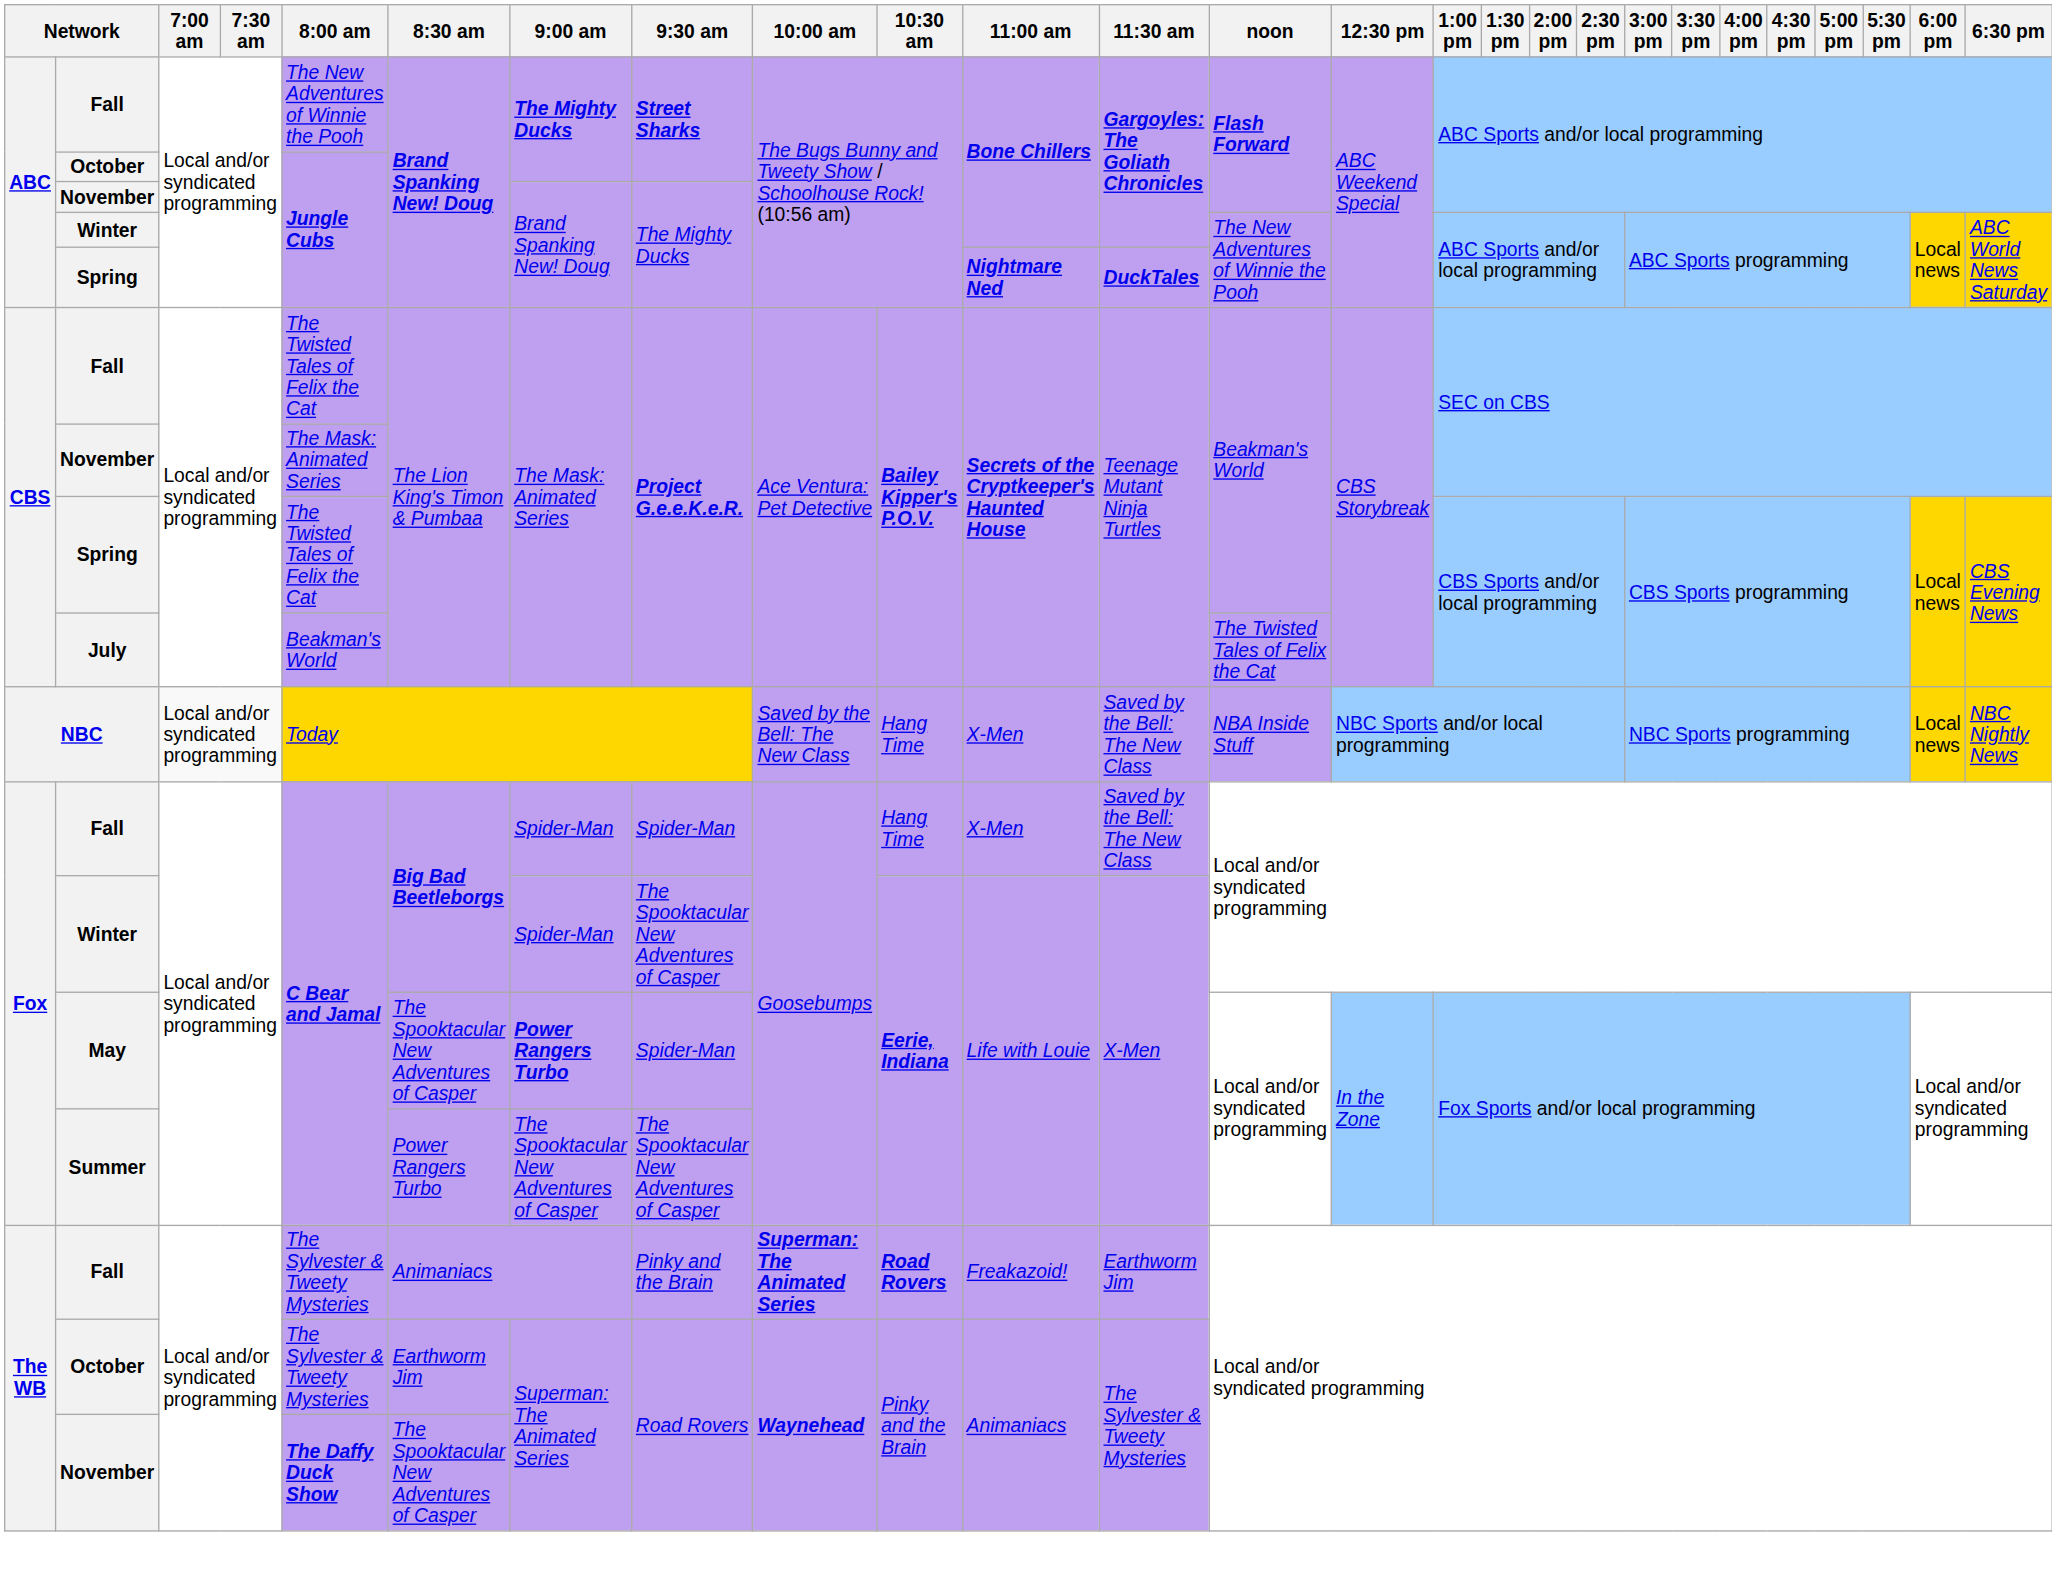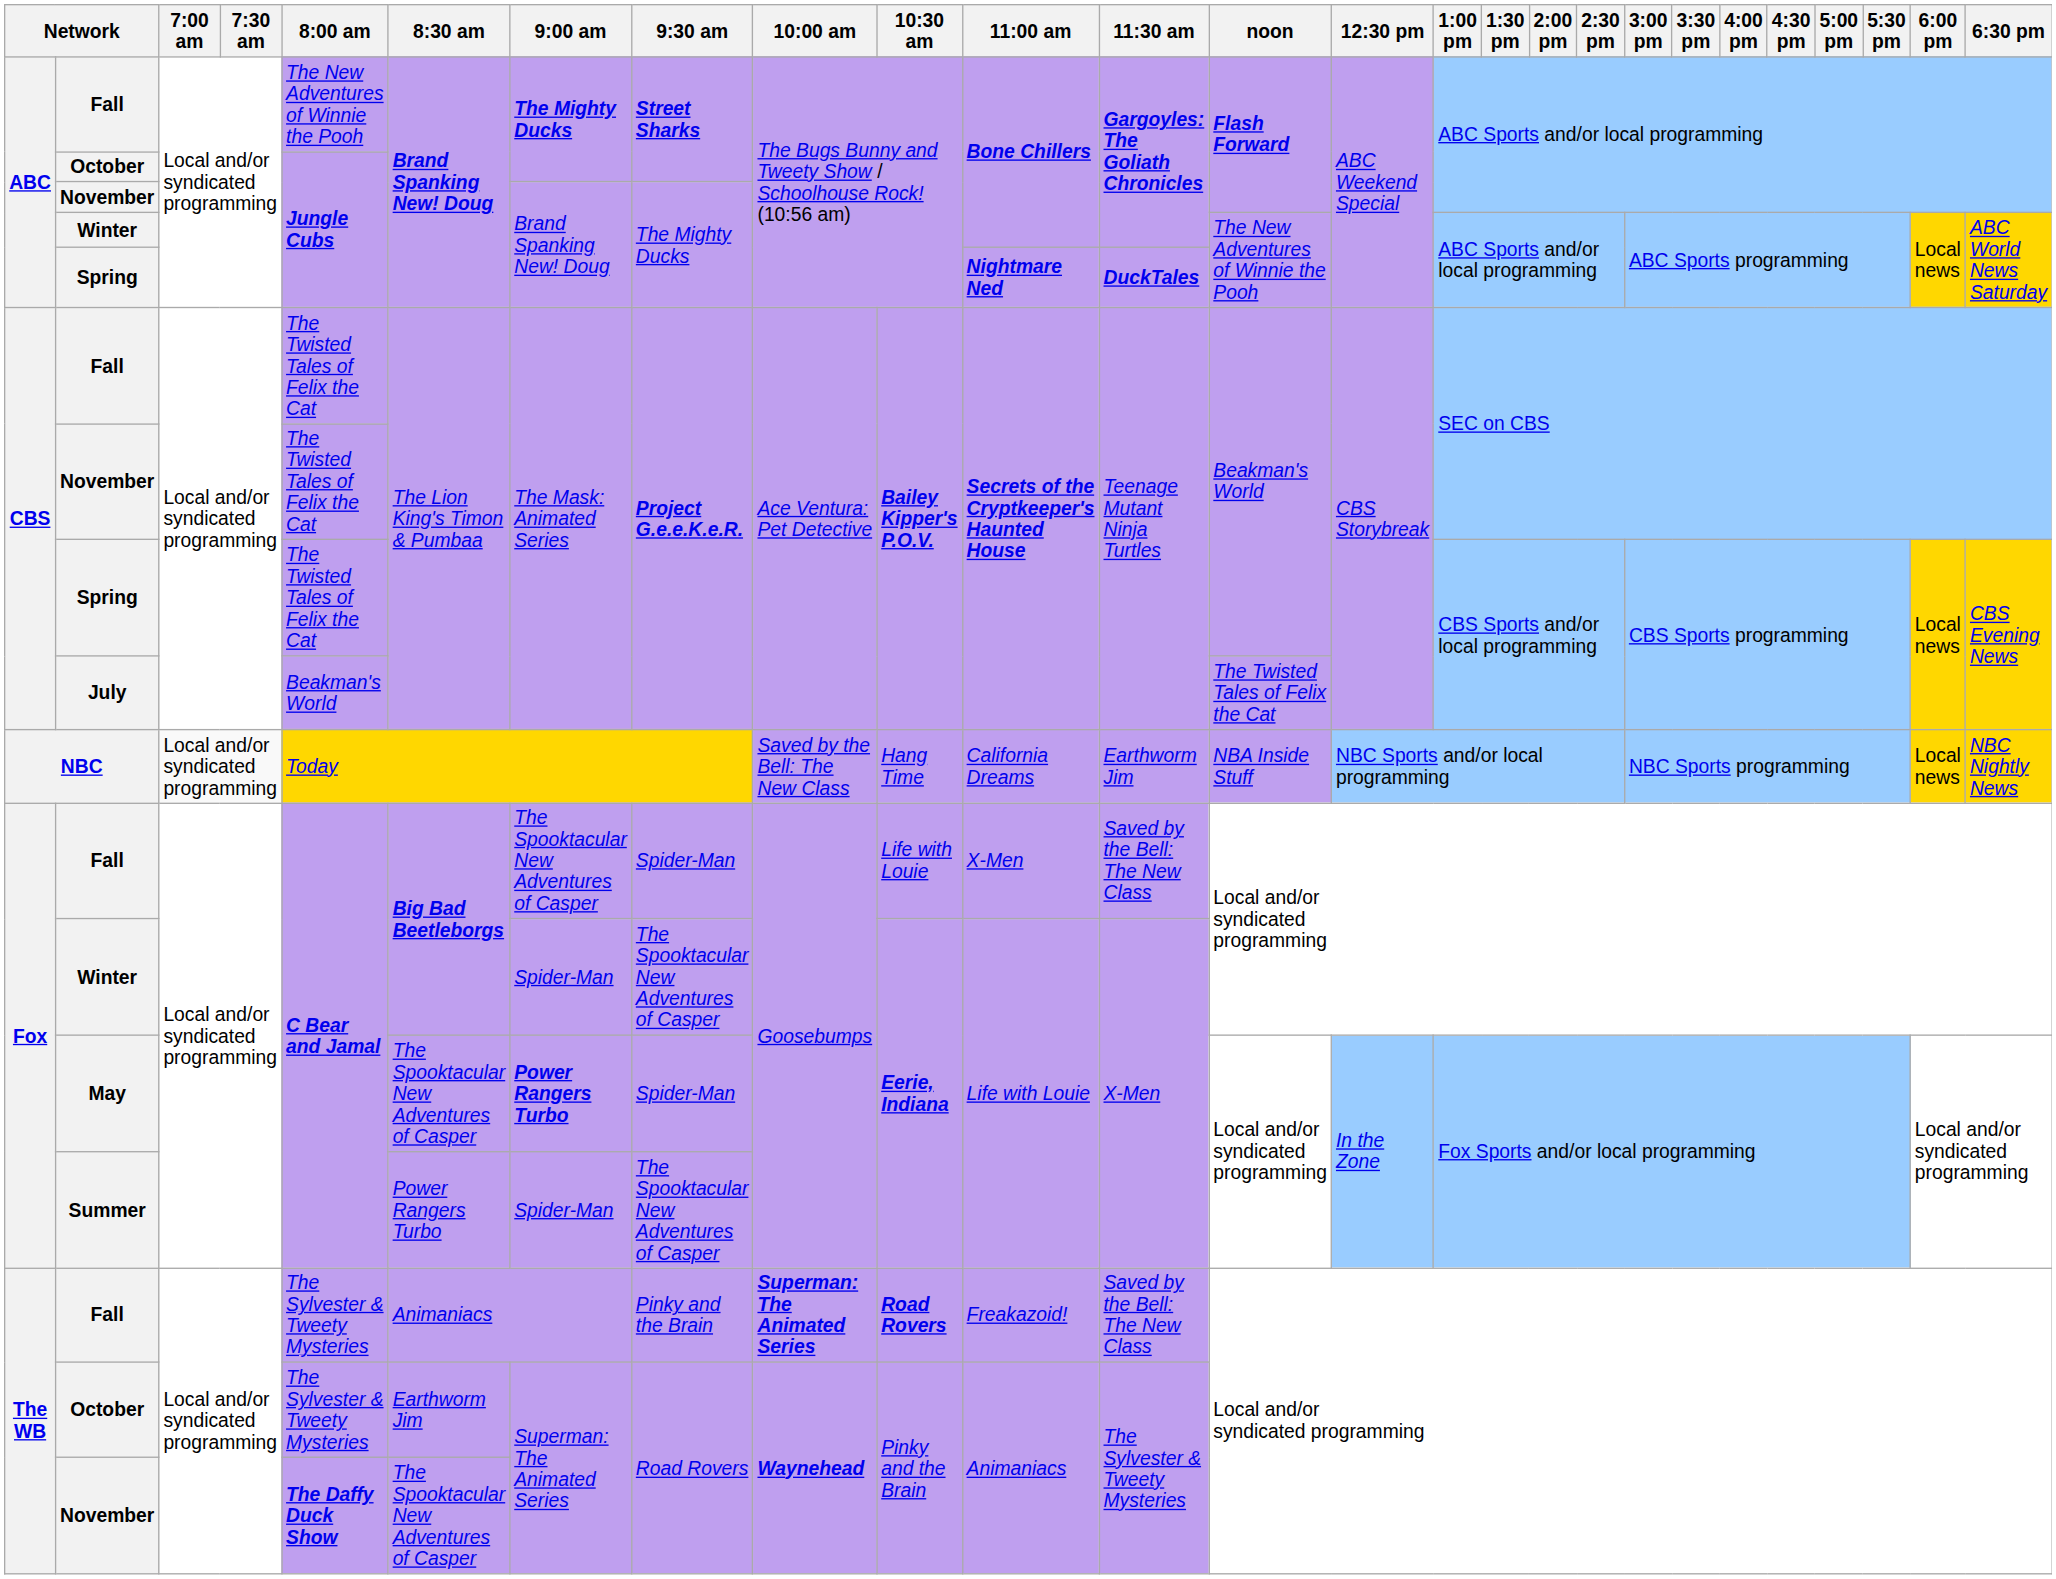 <table class=wikitable style="font-size:90%">
 <tr>
 <th width="1.5%" bgcolor="#C0C0C0" colspan="2">Network</th>
 <th width="4%" bgcolor="#C0C0C0">7:00 am</th>
 <th width="4%" bgcolor="#C0C0C0">7:30 am</th>
 <th width="4%" bgcolor="#C0C0C0">8:00 am</th>
 <th width="4%" bgcolor="#C0C0C0">8:30 am</th>
 <th width="4%" bgcolor="#C0C0C0">9:00 am</th>
 <th width="4%" bgcolor="#C0C0C0">9:30 am</th>
 <th width="4%" bgcolor="#C0C0C0">10:00 am</th>
 <th width="4%" bgcolor="#C0C0C0">10:30 am</th>
 <th width="4%" bgcolor="#C0C0C0">11:00 am</th>
 <th width="4%" bgcolor="#C0C0C0">11:30 am</th>
 <th width="4%" bgcolor="#C0C0C0">noon</th>
 <th width="4%" bgcolor="#C0C0C0">12:30 pm</th>
 <th width="4%" bgcolor="#C0C0C0">1:00 pm</th>
 <th width="4%" bgcolor="#C0C0C0">1:30 pm</th>
 <th width="4%" bgcolor="#C0C0C0">2:00 pm</th>
 <th width="4%" bgcolor="#C0C0C0">2:30 pm</th>
 <th width="4%" bgcolor="#C0C0C0">3:00 pm</th>
 <th width="4%" bgcolor="#C0C0C0">3:30 pm</th>
 <th width="4%" bgcolor="#C0C0C0">4:00 pm</th>
 <th width="4%" bgcolor="#C0C0C0">4:30 pm</th>
 <th width="4%" bgcolor="#C0C0C0">5:00 pm</th>
 <th width="4%" bgcolor="#C0C0C0">5:30 pm</th>
 <th width="4%" bgcolor="#C0C0C0">6:00 pm</th>
 <th width="4%" bgcolor="#C0C0C0">6:30 pm</th>
 </tr>
 <tr>
 <th rowspan="5"><a href='#'>ABC</a></th>
 <th>Fall</th>
 <td rowspan="5" colspan=2 bgcolor="white">Local and/or<br>syndicated<br>programming</td>
 <td rowspan="1" bgcolor="bf9fef"><em><a href='#'>The New Adventures of Winnie the Pooh</a></em></td>
 <td rowspan="5" bgcolor="bf9fef"><strong><em><a href='#'>Brand Spanking New! Doug</a></em></strong></td>
 <td rowspan="2" bgcolor="bf9fef"><strong><em><a href='#'>The Mighty Ducks</a></em></strong></td>
 <td rowspan="2" bgcolor="bf9fef"><strong><em><a href='#'>Street Sharks</a></em></strong></td>
 <td colspan="2" rowspan="5" bgcolor="bf9fef"><em><a href='#'>The Bugs Bunny and Tweety Show</a></em> / <em><a href='#'>Schoolhouse Rock!</a></em> (10:56 am)</td>
 <td rowspan="4" bgcolor="bf9fef"><strong><em><a href='#'>Bone Chillers</a></em></strong></td>
 <td rowspan="4" bgcolor="bf9fef"><strong><em><a href='#'>Gargoyles: The Goliath Chronicles</a></em></strong></td>
 <td rowspan="3" bgcolor="bf9fef"><strong><em><a href='#'>Flash Forward</a></em></strong></td>
 <td rowspan="5" bgcolor="bf9fef"><em><a href='#'>ABC Weekend Special</a></em></td>
 <td colspan="12" rowspan="3" bgcolor="99ccff"><a href='#'>ABC Sports</a> and/or local programming</td>
 </tr>
 <tr>
 <th>October</th>
 <td rowspan="4" bgcolor="bf9fef"><strong><em><a href='#'>Jungle Cubs</a></em></strong></td>
 </tr>
 <tr>
 <th>November</th>
 <td bgcolor="bf9fef" rowspan="3"><em><a href='#'>Brand Spanking New! Doug</a></em></td>
 <td bgcolor="bf9fef" rowspan="3"><em><a href='#'>The Mighty Ducks</a></em></td>
 </tr>
 <tr>
 <th>Winter</th>
 <td rowspan="2" bgcolor="bf9fef"><em><a href='#'>The New Adventures of Winnie the Pooh</a></em></td>
 <td bgcolor="99ccff" colspan="4" rowspan="2"><a href='#'>ABC Sports</a> and/or local programming</td>
 <td bgcolor="99ccff" colspan="6" rowspan="2"><a href='#'>ABC Sports</a> programming</td>
 <td bgcolor="gold" rowspan="2">Local news</td>
 <td bgcolor="gold" rowspan="2"><em><a href='#'>ABC World News Saturday</a></em></td>
 </tr>
 <tr>
 <th>Spring</th>
 <td bgcolor="bf9fef" rowspan="1"><strong><em><a href='#'>Nightmare Ned</a></em></strong></td>
 <td bgcolor="bf9fef" rowspan="1"><strong><em><a href='#'>DuckTales</a></em></strong></td>
 </tr>
 <tr>
 <th rowspan="4" bgcolor="#C0C0C0"><a href='#'>CBS</a></th>
 <th>Fall</th>
 <td rowspan="4" colspan=2 bgcolor="white">Local and/or<br>syndicated<br>programming</td>
 <td rowspan="1" bgcolor="bf9fef"><em><a href='#'>The Twisted Tales of Felix the Cat</a></em></td>
 <td rowspan="4" bgcolor="bf9fef"><em><a href='#'>The Lion King's Timon & Pumbaa</a></em></td>
 <td rowspan="4" bgcolor="bf9fef"><em><a href='#'>The Mask: Animated Series</a></em></td>
 <td rowspan="4" bgcolor="bf9fef"><strong><em><a href='#'>Project G.e.e.K.e.R.</a></em></strong></td>
 <td rowspan="4" bgcolor="bf9fef"><em><a href='#'>Ace Ventura: Pet Detective</a></em></td>
 <td rowspan="4" bgcolor="bf9fef"><strong><em><a href='#'>Bailey Kipper's P.O.V.</a></em></strong></td>
 <td rowspan="4" bgcolor="bf9fef"><strong><em><a href='#'>Secrets of the Cryptkeeper's Haunted House</a></em></strong></td>
 <td rowspan="4" bgcolor="bf9fef"><em><a href='#'>Teenage Mutant Ninja Turtles</a></em></td>
 <td rowspan="3" bgcolor="bf9fef"><em><a href='#'>Beakman's World</a></em></td>
 <td rowspan="4" bgcolor="bf9fef"><em><a href='#'>CBS Storybreak</a></em></td>
 <td colspan="12" rowspan="2" bgcolor="99ccff"><a href='#'>SEC on CBS</a></td>
 </tr>
 <tr>
 <th>November</th>
-<td rowspan="1" bgcolor="bf9fef"><em><a href='#'>The Mask: Animated Series</a></em></td>
+<td rowspan="1" bgcolor="bf9fef"><em><a href='#'>The Twisted Tales of Felix the Cat</a></em></td>
 </tr>
 <tr>
 <th>Spring</th>
 <td rowspan="1" bgcolor="bf9fef"><em><a href='#'>The Twisted Tales of Felix the Cat</a></em></td>
 <td colspan=4 rowspan=2 bgcolor=99ccff><a href='#'>CBS Sports</a> and/or local programming</td>
 <td colspan=6 rowspan=2 bgcolor=99ccff><a href='#'>CBS Sports</a> programming</td>
 <td bgcolor=gold rowspan=2>Local news</td>
 <td bgcolor=gold rowspan=2><em><a href='#'>CBS Evening News</a></em></td>
 </tr>
 <tr>
 <th>July</th>
 <td rowspan="1" bgcolor="bf9fef"><em><a href='#'>Beakman's World</a></em></td>
 <td rowspan="1" bgcolor="bf9fef"><em><a href='#'>The Twisted Tales of Felix the Cat</a></em></td>
 </tr>
 <tr>
 <th bgcolor="#C0C0C0" colspan="2"><a href='#'>NBC</a></th>
 <td colspan="2">Local and/or<br>syndicated<br>programming</td>
 <td bgcolor="gold" colspan="4"><em><a href='#'>Today</a></em></td>
 <td bgcolor="bf9fef"><em><a href='#'>Saved by the Bell: The New Class</a></em></td>
 <td bgcolor="bf9fef"><em><a href='#'>Hang Time</a></em></td>
-<td bgcolor="bf9fef" rowspan="1"><em><a href='#'>X-Men</a></em></td>
-<td bgcolor="bf9fef"><em><a href='#'>Saved by the Bell: The New Class</a></em></td>
+<td bgcolor="bf9fef"><em><a href='#'>California Dreams</a></em></td>
+<td bgcolor="bf9fef" rowspan="1"><em><a href='#'>Earthworm Jim</a></em></td>
 <td bgcolor="bf9fef"><em><a href='#'>NBA Inside Stuff</a></em></td>
 <td bgcolor="99ccff" colspan="5"><a href='#'>NBC Sports</a> and/or local programming</td>
 <td bgcolor="99ccff" colspan="6"><a href='#'>NBC Sports</a> programming</td>
 <td bgcolor="gold">Local news</td>
 <td bgcolor="gold"><em><a href='#'>NBC Nightly News</a></em></td>
 </tr>
 <tr>
 <th bgcolor="#C0C0C0" rowspan="4"><a href='#'>Fox</a></th>
 <th>Fall</th>
 <td bgcolor="white" colspan="2" rowspan="4">Local and/or<br>syndicated<br>programming</td>
 <td bgcolor="bf9fef" rowspan="4"><strong><em><a href='#'>C Bear and Jamal</a></em></strong></td>
 <td bgcolor="bf9fef" rowspan="2"><strong><em><a href='#'>Big Bad Beetleborgs</a></em></strong></td>
-<td bgcolor="bf9fef" rowspan="1"><em><a href='#'>Spider-Man</a></em></td>
+<td bgcolor="bf9fef" rowspan="1"><em><a href='#'>The Spooktacular New Adventures of Casper</a></em></td>
 <td bgcolor="bf9fef" rowspan="1"><em><a href='#'>Spider-Man</a></em></td>
 <td bgcolor="bf9fef" rowspan="4"><em><a href='#'>Goosebumps</a></em></td>
-<td bgcolor="bf9fef"><em><a href='#'>Hang Time</a></em></td>
+<td bgcolor="bf9fef" rowspan="1"><em><a href='#'>Life with Louie</a></em></td>
 <td bgcolor="bf9fef" rowspan="1"><em><a href='#'>X-Men</a></em></td>
 <td bgcolor="bf9fef"><em><a href='#'>Saved by the Bell: The New Class</a></em></td>
 <td bgcolor="white" rowspan="2"colspan="14">Local and/or<br>syndicated<br>programming</td>
 </tr>
 <tr>
 <th>Winter</th>
 <td bgcolor="bf9fef" rowspan="1"><em><a href='#'>Spider-Man</a></em></td>
 <td bgcolor="bf9fef" rowspan="1"><em><a href='#'>The Spooktacular New Adventures of Casper</a></em></td>
 <td bgcolor="bf9fef" rowspan="3"><strong><em><a href='#'>Eerie, Indiana</a></em></strong></td>
 <td bgcolor="bf9fef" rowspan="3"><em><a href='#'>Life with Louie</a></em></td>
 <td bgcolor="bf9fef" rowspan="3"><em><a href='#'>X-Men</a></em></td>
 </tr>
 <tr>
 <th>May</th>
 <td bgcolor="bf9fef" rowspan="1"><em><a href='#'>The Spooktacular New Adventures of Casper</a></em></td>
 <td bgcolor="bf9fef" rowspan="1"><strong><em><a href='#'>Power Rangers Turbo</a></em></strong></td>
 <td bgcolor="bf9fef" rowspan="1"><em><a href='#'>Spider-Man</a></em></td>
 <td bgcolor="white" rowspan="2">Local and/or<br>syndicated<br>programming</td>
 <td bgcolor="99ccff" rowspan="2"><em><a href='#'>In the Zone</a></em></td>
 <td bgcolor="99ccff" rowspan="2"colspan="10"><a href='#'>Fox Sports</a> and/or local programming</td>
 <td bgcolor="white" rowspan="2"colspan="2">Local and/or<br>syndicated<br>programming</td>
 </tr>
 <tr>
 <th>Summer</th>
 <td bgcolor="bf9fef" rowspan="1"><em><a href='#'>Power Rangers Turbo</a></em></td>
-<td bgcolor="bf9fef" rowspan="1"><em><a href='#'>The Spooktacular New Adventures of Casper</a></em></td>
+<td bgcolor="bf9fef" rowspan="1"><em><a href='#'>Spider-Man</a></em></td>
 <td bgcolor="bf9fef" rowspan="1"><em><a href='#'>The Spooktacular New Adventures of Casper</a></em></td>
 </tr>
 <tr>
 <th bgcolor="#C0C0C0" rowspan="3"><a href='#'>The WB</a></th>
 <th>Fall</th>
 <td bgcolor="white" colspan="2" rowspan="3">Local and/or<br>syndicated programming</td>
 <td bgcolor="bf9fef" rowspan="1"><em><a href='#'>The Sylvester & Tweety Mysteries</a></em></td>
 <td bgcolor="bf9fef" colspan="2" rowspan="1"><em><a href='#'>Animaniacs</a></em></td>
 <td bgcolor="bf9fef" rowspan="1"><em><a href='#'>Pinky and the Brain</a></em></td>
 <td bgcolor="bf9fef" rowspan="1"><strong><em><a href='#'>Superman: The Animated Series</a></em></strong></td>
 <td bgcolor="bf9fef" rowspan="1"><strong><em><a href='#'>Road Rovers</a></em></strong></td>
 <td bgcolor="bf9fef" rowspan="1"><em><a href='#'>Freakazoid!</a></em></td>
-<td bgcolor="bf9fef" rowspan="1"><em><a href='#'>Earthworm Jim</a></em></td>
+<td bgcolor="bf9fef"><em><a href='#'>Saved by the Bell: The New Class</a></em></td>
 <td colspan="16" rowspan="3" bgcolor="white">Local and/or<br>syndicated programming</td>
 </tr>
 <tr>
 <th>October</th>
 <td bgcolor="bf9fef" rowspan="1"><em><a href='#'>The Sylvester & Tweety Mysteries</a></em></td>
 <td bgcolor="bf9fef" rowspan="1"><em><a href='#'>Earthworm Jim</a></em></td>
 <td bgcolor="bf9fef" rowspan="2"><em><a href='#'>Superman: The Animated Series</a></em></td>
 <td bgcolor="bf9fef" rowspan="2"><em><a href='#'>Road Rovers</a></em></td>
 <td bgcolor="bf9fef" rowspan="2"><strong><em><a href='#'>Waynehead</a></em></strong></td>
 <td bgcolor="bf9fef" rowspan="2"><em><a href='#'>Pinky and the Brain</a></em></td>
 <td bgcolor="bf9fef" rowspan="2"><em><a href='#'>Animaniacs</a></em></td>
 <td bgcolor="bf9fef" rowspan="2"><em><a href='#'>The Sylvester & Tweety Mysteries</a></em></td>
 </tr>
 <tr>
 <th>November</th>
 <td bgcolor="bf9fef" rowspan="1"><strong><em><a href='#'>The Daffy Duck Show</a></em></strong></td>
 <td bgcolor="bf9fef" rowspan="1"><em><a href='#'>The Spooktacular New Adventures of Casper</a></em></td>
 </tr>
 </table>
